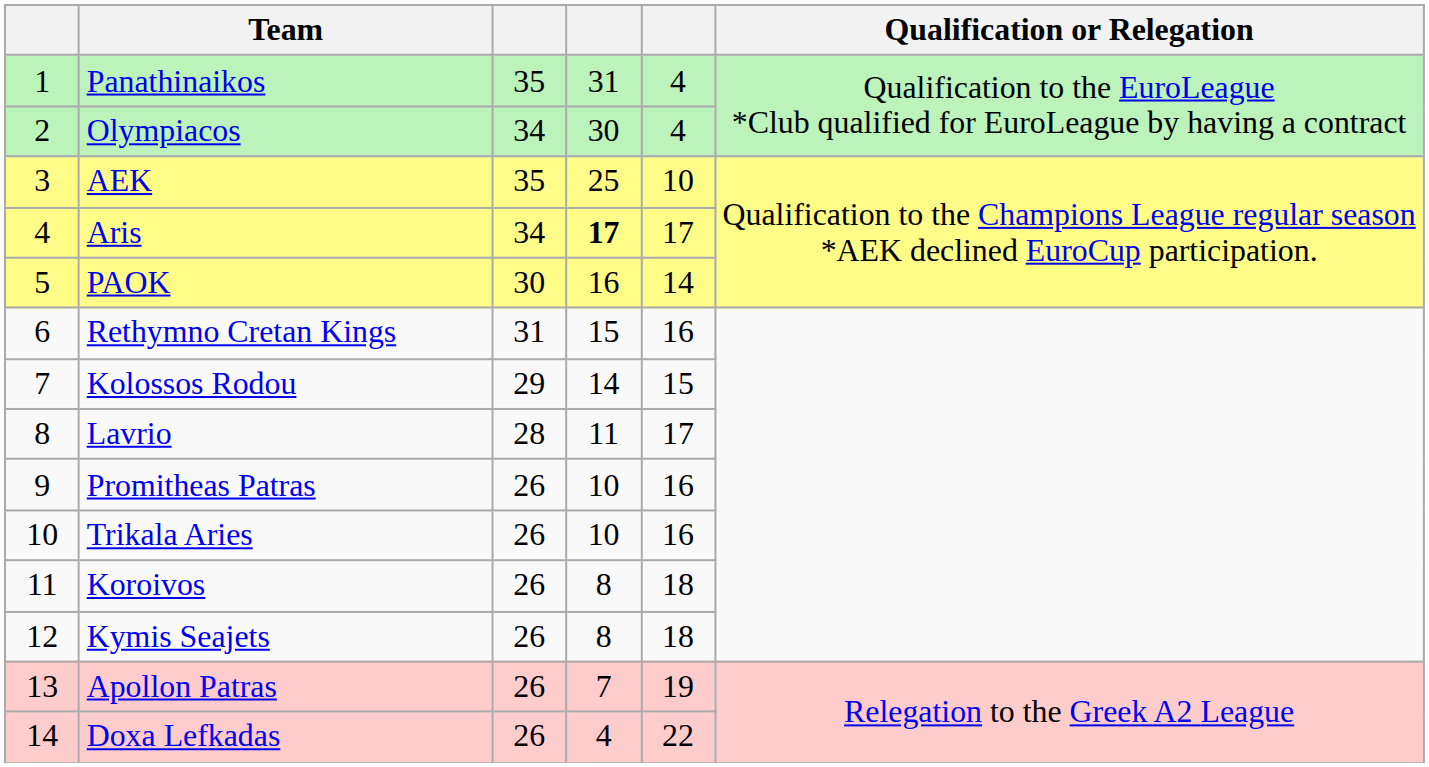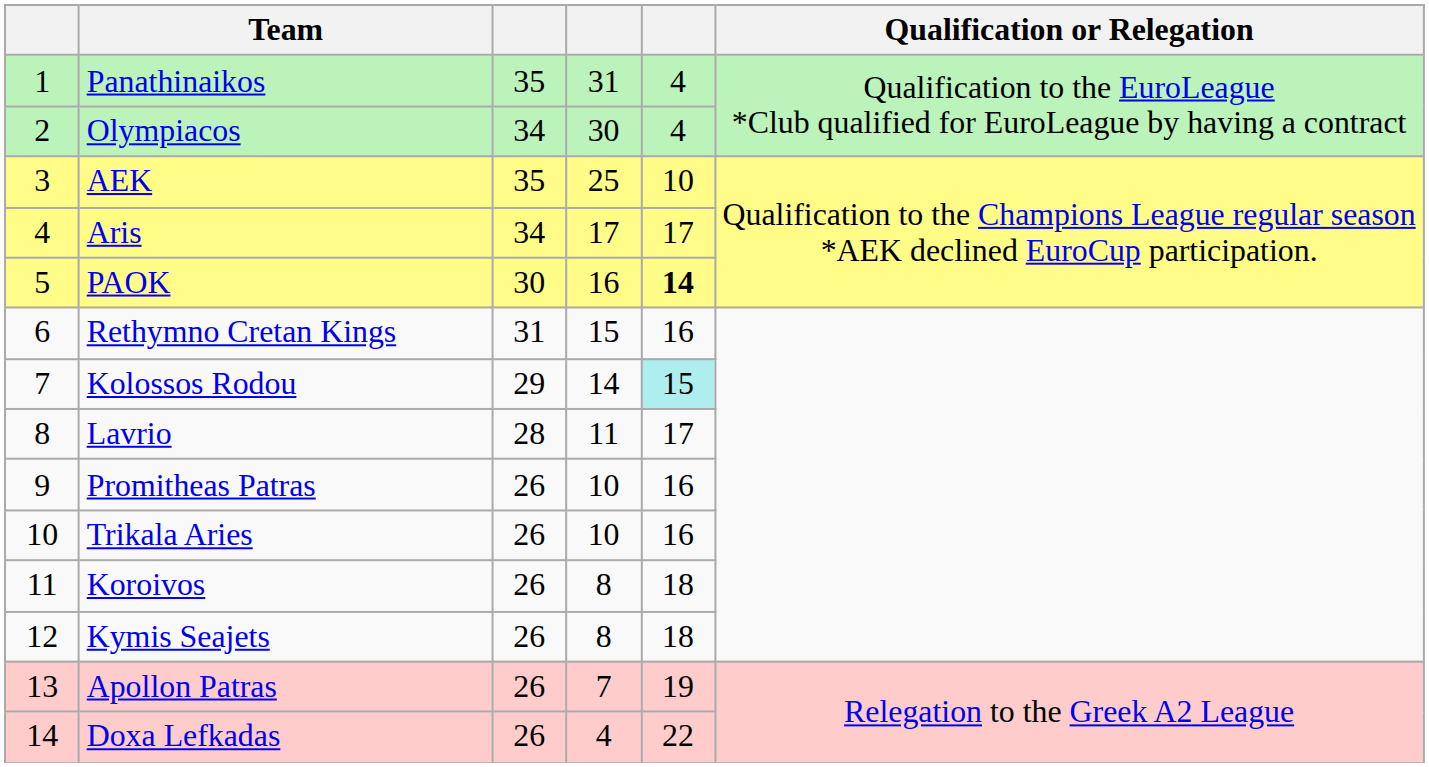 <table class="wikitable" style="text-align: center;">
 <tr>
 <th width=30></th>
 <th width=200>Team</th>
 <th width=30></th>
 <th width=30></th>
 <th width=30></th>
 <th>Qualification or Relegation</th>
 </tr>
 <tr bgcolor="#BBF3BB">
 <td>1</td>
 <td align=left><a href='#'>Panathinaikos</a></td>
 <td>35</td>
 <td>31</td>
 <td>4</td>
 <td rowspan=2>Qualification to the <a href='#'>EuroLeague</a><br>*Club qualified for EuroLeague by having a contract</td>
 </tr>
 <tr bgcolor="#BBF3BB">
 <td>2</td>
 <td align=left><a href='#'>Olympiacos</a></td>
 <td>34</td>
 <td>30</td>
 <td>4</td>
 </tr>
 <tr bgcolor="#FFFC88">
 <td>3</td>
 <td align=left><a href='#'>AEK</a></td>
 <td>35</td>
 <td>25</td>
 <td>10</td>
 <td rowspan=3>Qualification to the <a href='#'>Champions League regular season</a><br>*AEK declined <a href='#'>EuroCup</a> participation.</td>
 </tr>
 <tr bgcolor="#FFFC88">
 <td>4</td>
 <td align="left"><a href='#'>Aris</a></td>
 <td>34</td>
-<td><strong>17</strong></td>
+<td>17</td>
 <td>17</td>
 </tr>
 <tr bgcolor="#FFFC88">
 <td>5</td>
 <td align="left"><a href='#'>PAOK</a></td>
 <td>30</td>
 <td>16</td>
-<td>14</td>
+<td><strong>14</strong></td>
 </tr>
 <tr>
 <td>6</td>
 <td align="left"><a href='#'>Rethymno Cretan Kings</a></td>
 <td>31</td>
 <td>15</td>
 <td>16</td>
 </tr>
 <tr>
 <td>7</td>
 <td align="left"><a href='#'>Kolossos Rodou</a></td>
 <td>29</td>
 <td>14</td>
-<td>15</td>
+<td style="background: paleturquoise;">15</td>
 </tr>
 <tr>
 <td>8</td>
 <td align="left"><a href='#'>Lavrio</a></td>
 <td>28</td>
 <td>11</td>
 <td>17</td>
 </tr>
 <tr>
 <td>9</td>
 <td align="left"><a href='#'>Promitheas Patras</a></td>
 <td>26</td>
 <td>10</td>
 <td>16</td>
 </tr>
 <tr>
 <td>10</td>
 <td align="left"><a href='#'>Trikala Aries</a></td>
 <td>26</td>
 <td>10</td>
 <td>16</td>
 </tr>
 <tr>
 <td>11</td>
 <td align="left"><a href='#'>Koroivos</a></td>
 <td>26</td>
 <td>8</td>
 <td>18</td>
 </tr>
 <tr>
 <td>12</td>
 <td align="left"><a href='#'>Kymis Seajets</a></td>
 <td>26</td>
 <td>8</td>
 <td>18</td>
 </tr>
 <tr bgcolor="FFCCCC">
 <td>13</td>
 <td align="left"><a href='#'>Apollon Patras</a></td>
 <td>26</td>
 <td>7</td>
 <td>19</td>
 <td rowspan=2><a href='#'>Relegation</a> to the <a href='#'>Greek A2 League</a></td>
 </tr>
 <tr bgcolor="FFCCCC">
 <td>14</td>
 <td align="left"><a href='#'>Doxa Lefkadas</a></td>
 <td>26</td>
 <td>4</td>
 <td>22</td>
 </tr>
 </table>
